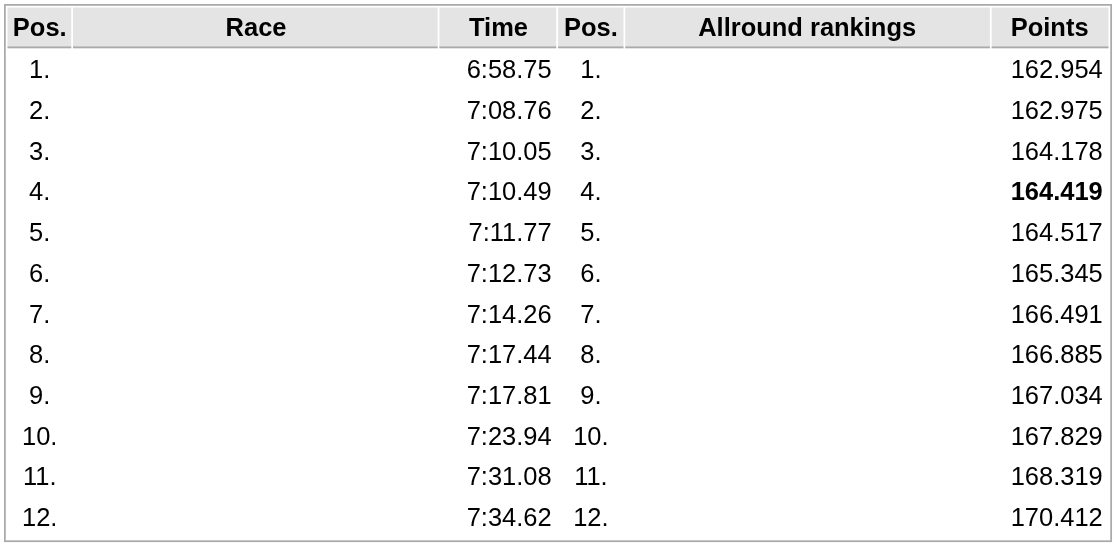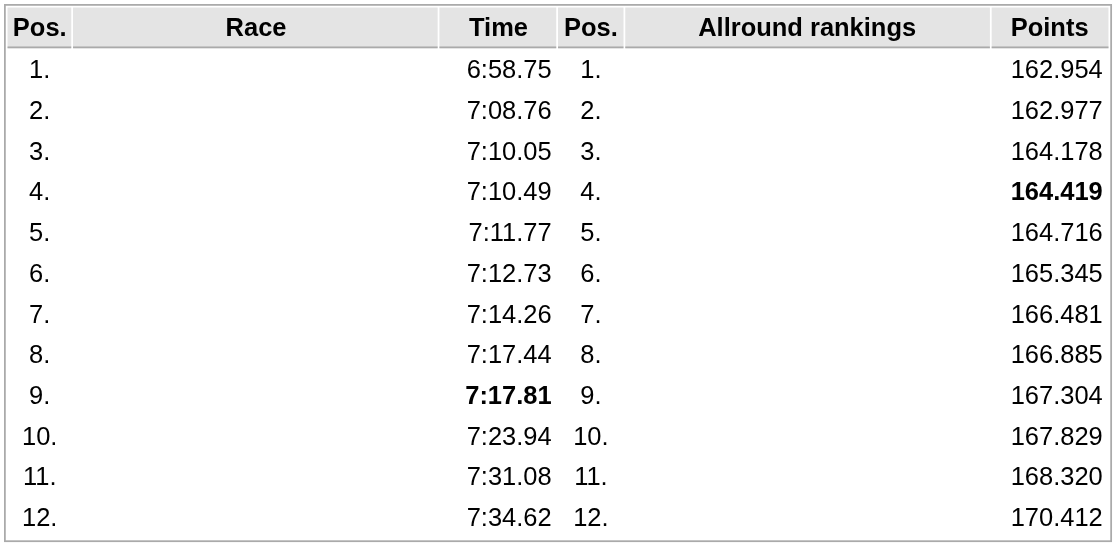 <table cellspacing="1" cellpadding="3" style="border:1px solid #AAAAAA;font-size:90%">
 <tr bgcolor="#E4E4E4">
 <th style="border-bottom:1px solid #AAAAAA" width=10>Pos.</th>
 <th style="border-bottom:1px solid #AAAAAA" width=200>Race</th>
 <th style="border-bottom:1px solid #AAAAAA" width=60>Time</th>
 <th style="border-bottom:1px solid #AAAAAA" width=10>Pos.</th>
 <th style="border-bottom:1px solid #AAAAAA" width=200>Allround rankings</th>
 <th style="border-bottom:1px solid #AAAAAA" width=60>Points</th>
 </tr>
 <tr>
 <td align="center">1.</td>
 <td></td>
 <td align="right">6:58.75</td>
 <td align="center">1.</td>
 <td></td>
 <td align="right">162.954</td>
 </tr>
 <tr>
 <td align="center">2.</td>
 <td></td>
 <td align="right">7:08.76</td>
 <td align="center">2.</td>
 <td></td>
-<td align="right">162.975</td>
+<td align="right">162.977</td>
 </tr>
 <tr>
 <td align="center">3.</td>
 <td></td>
 <td align="right">7:10.05</td>
 <td align="center">3.</td>
 <td></td>
 <td align="right">164.178</td>
 </tr>
 <tr>
 <td align="center">4.</td>
 <td></td>
 <td align="right">7:10.49</td>
 <td align="center">4.</td>
 <td></td>
 <td align="right"><strong>164.419</strong></td>
 </tr>
 <tr>
 <td align="center">5.</td>
 <td></td>
 <td align="right">7:11.77</td>
 <td align="center">5.</td>
 <td></td>
-<td align="right">164.517</td>
+<td align="right">164.716</td>
 </tr>
 <tr>
 <td align="center">6.</td>
 <td></td>
 <td align="right">7:12.73</td>
 <td align="center">6.</td>
 <td></td>
 <td align="right">165.345</td>
 </tr>
 <tr>
 <td align="center">7.</td>
 <td></td>
 <td align="right">7:14.26</td>
 <td align="center">7.</td>
 <td></td>
-<td align="right">166.491</td>
+<td align="right">166.481</td>
 </tr>
 <tr>
 <td align="center">8.</td>
 <td></td>
 <td align="right">7:17.44</td>
 <td align="center">8.</td>
 <td></td>
 <td align="right">166.885</td>
 </tr>
 <tr>
 <td align="center">9.</td>
 <td></td>
-<td align="right">7:17.81</td>
+<td align="right"><strong>7:17.81</strong></td>
 <td align="center">9.</td>
 <td></td>
-<td align="right">167.034</td>
+<td align="right">167.304</td>
 </tr>
 <tr>
 <td align="center">10.</td>
 <td></td>
 <td align="right">7:23.94</td>
 <td align="center">10.</td>
 <td></td>
 <td align="right">167.829</td>
 </tr>
 <tr>
 <td align="center">11.</td>
 <td></td>
 <td align="right">7:31.08</td>
 <td align="center">11.</td>
 <td></td>
-<td align="right">168.319</td>
+<td align="right">168.320</td>
 </tr>
 <tr>
 <td align="center">12.</td>
 <td></td>
 <td align="right">7:34.62</td>
 <td align="center">12.</td>
 <td></td>
 <td align="right">170.412</td>
 </tr>
 <tr>
 </tr>
 </table>
